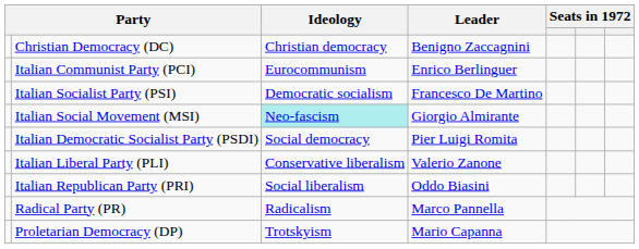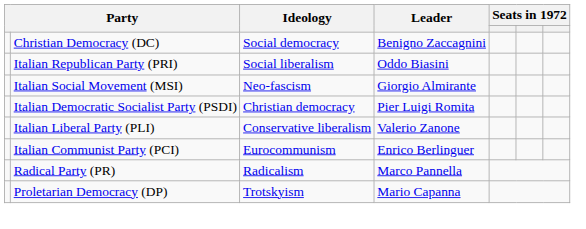 <table class=wikitable style="text-align:left">
 <tr>
 <th colspan=2  rowspan="2">Party</th>
 <th rowspan="2">Ideology</th>
 <th rowspan="2">Leader</th>
 <th colspan="3">Seats in 1972</th>
 </tr>
 <tr>
 <th></th>
 <th></th>
 <th></th>
 </tr>
 <tr>
 <td></td>
 <td><a href='#'>Christian Democracy</a> (DC)</td>
-<td><a href='#'>Christian democracy</a></td>
+<td><a href='#'>Social democracy</a></td>
 <td><a href='#'>Benigno Zaccagnini</a></td>
 <td></td>
 <td></td>
 <td></td>
 </tr>
 <tr>
 <td></td>
-<td><a href='#'>Italian Communist Party</a> (PCI)</td>
-<td><a href='#'>Eurocommunism</a></td>
-<td><a href='#'>Enrico Berlinguer</a></td>
-<td></td>
-<td></td>
-<td></td>
-</tr>
-<tr>
-<td></td>
-<td><a href='#'>Italian Socialist Party</a> (PSI)</td>
-<td><a href='#'>Democratic socialism</a></td>
-<td><a href='#'>Francesco De Martino</a></td>
+<td><a href='#'>Italian Republican Party</a> (PRI)</td>
+<td><a href='#'>Social liberalism</a></td>
+<td><a href='#'>Oddo Biasini</a></td>
 <td></td>
 <td></td>
 <td></td>
 </tr>
 <tr>
 <td></td>
 <td><a href='#'>Italian Social Movement</a> (MSI)</td>
-<td style="background: paleturquoise;"><a href='#'>Neo-fascism</a></td>
+<td><a href='#'>Neo-fascism</a></td>
 <td><a href='#'>Giorgio Almirante</a></td>
 <td></td>
 <td></td>
 <td></td>
 </tr>
 <tr>
 <td></td>
 <td><a href='#'>Italian Democratic Socialist Party</a> (PSDI)</td>
-<td><a href='#'>Social democracy</a></td>
+<td><a href='#'>Christian democracy</a></td>
 <td><a href='#'>Pier Luigi Romita</a></td>
 <td></td>
 <td></td>
 <td></td>
 </tr>
 <tr>
 <td></td>
 <td><a href='#'>Italian Liberal Party</a> (PLI)</td>
 <td><a href='#'>Conservative liberalism</a></td>
 <td><a href='#'>Valerio Zanone</a></td>
 <td></td>
 <td></td>
 <td></td>
 </tr>
 <tr>
 <td></td>
-<td><a href='#'>Italian Republican Party</a> (PRI)</td>
-<td><a href='#'>Social liberalism</a></td>
-<td><a href='#'>Oddo Biasini</a></td>
+<td><a href='#'>Italian Communist Party</a> (PCI)</td>
+<td><a href='#'>Eurocommunism</a></td>
+<td><a href='#'>Enrico Berlinguer</a></td>
 <td></td>
 <td></td>
 <td></td>
 </tr>
 <tr>
 <td></td>
 <td><a href='#'>Radical Party</a> (PR)</td>
 <td><a href='#'>Radicalism</a></td>
 <td><a href='#'>Marco Pannella</a></td>
 <td colspan=3></td>
 </tr>
 <tr>
 <td></td>
 <td><a href='#'>Proletarian Democracy</a> (DP)</td>
 <td><a href='#'>Trotskyism</a></td>
 <td><a href='#'>Mario Capanna</a></td>
 <td colspan=3></td>
 </tr>
 </table>
